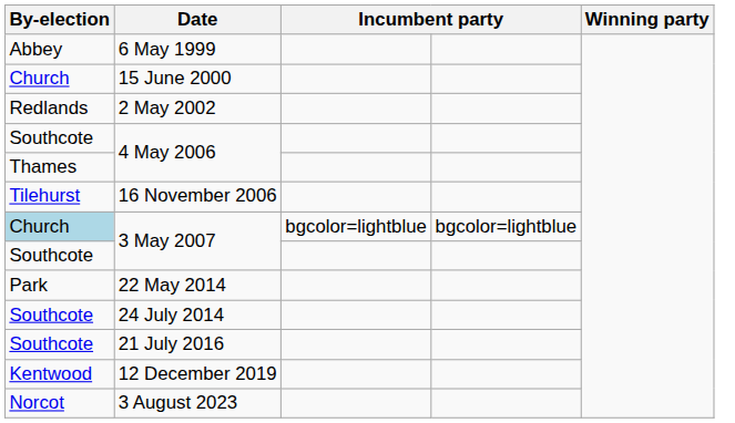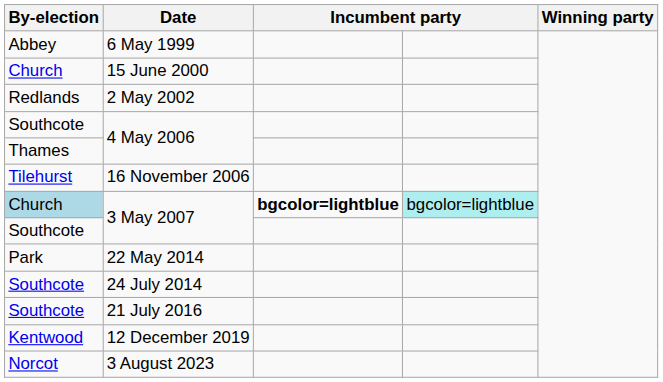 <table class="wikitable">
 <tr>
 <th>By-election</th>
 <th>Date</th>
 <th colspan=2>Incumbent party</th>
 <th colspan=2>Winning party</th>
 </tr>
 <tr>
 <td>Abbey</td>
 <td>6 May 1999</td>
 <td></td>
 <td></td>
 </tr>
 <tr>
 <td><a href='#'>Church</a></td>
 <td>15 June 2000</td>
 <td></td>
 <td></td>
 </tr>
 <tr>
 <td>Redlands</td>
 <td>2 May 2002</td>
 <td></td>
 <td></td>
 </tr>
 <tr>
 <td>Southcote</td>
 <td rowspan=2>4 May 2006</td>
 <td></td>
 <td></td>
 </tr>
 <tr>
 <td>Thames</td>
 <td></td>
 <td></td>
 </tr>
 <tr>
 <td><a href='#'>Tilehurst</a></td>
 <td>16 November 2006</td>
 <td></td>
 <td></td>
 </tr>
 <tr>
 <td bgcolor=lightblue>Church</td>
 <td rowspan=2>3 May 2007</td>
-<td>bgcolor=lightblue </td>
-<td>bgcolor=lightblue </td>
+<td><strong>bgcolor=lightblue </strong></td>
+<td style="background: paleturquoise;">bgcolor=lightblue </td>
 </tr>
 <tr>
 <td>Southcote</td>
 <td></td>
 <td></td>
 </tr>
 <tr>
 <td>Park</td>
 <td>22 May 2014</td>
 <td></td>
 <td></td>
 </tr>
 <tr>
 <td><a href='#'>Southcote</a></td>
 <td>24 July 2014</td>
 <td></td>
 <td></td>
 </tr>
 <tr>
 <td><a href='#'>Southcote</a></td>
 <td>21 July 2016</td>
 <td></td>
 <td></td>
 </tr>
 <tr>
 <td><a href='#'>Kentwood</a></td>
 <td>12 December 2019</td>
 <td></td>
 <td></td>
 </tr>
 <tr>
 <td><a href='#'>Norcot</a></td>
 <td>3 August 2023</td>
 <td></td>
 <td></td>
 </tr>
 </table>
